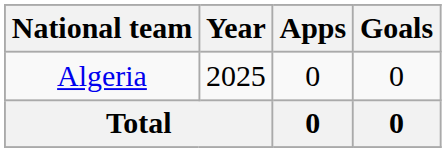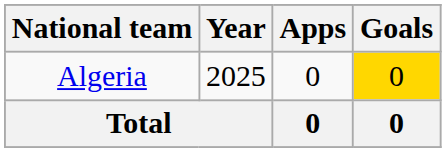 <table class="wikitable" style="text-align:center">
 <tr>
 <th>National team</th>
 <th>Year</th>
 <th>Apps</th>
 <th>Goals</th>
 </tr>
 <tr>
 <td rowspan="1"><a href='#'>Algeria</a></td>
 <td>2025</td>
 <td>0</td>
-<td>0</td>
+<td style="background: gold;">0</td>
 </tr>
 <tr>
 <th colspan="2">Total</th>
 <th>0</th>
 <th>0</th>
 </tr>
 </table>
